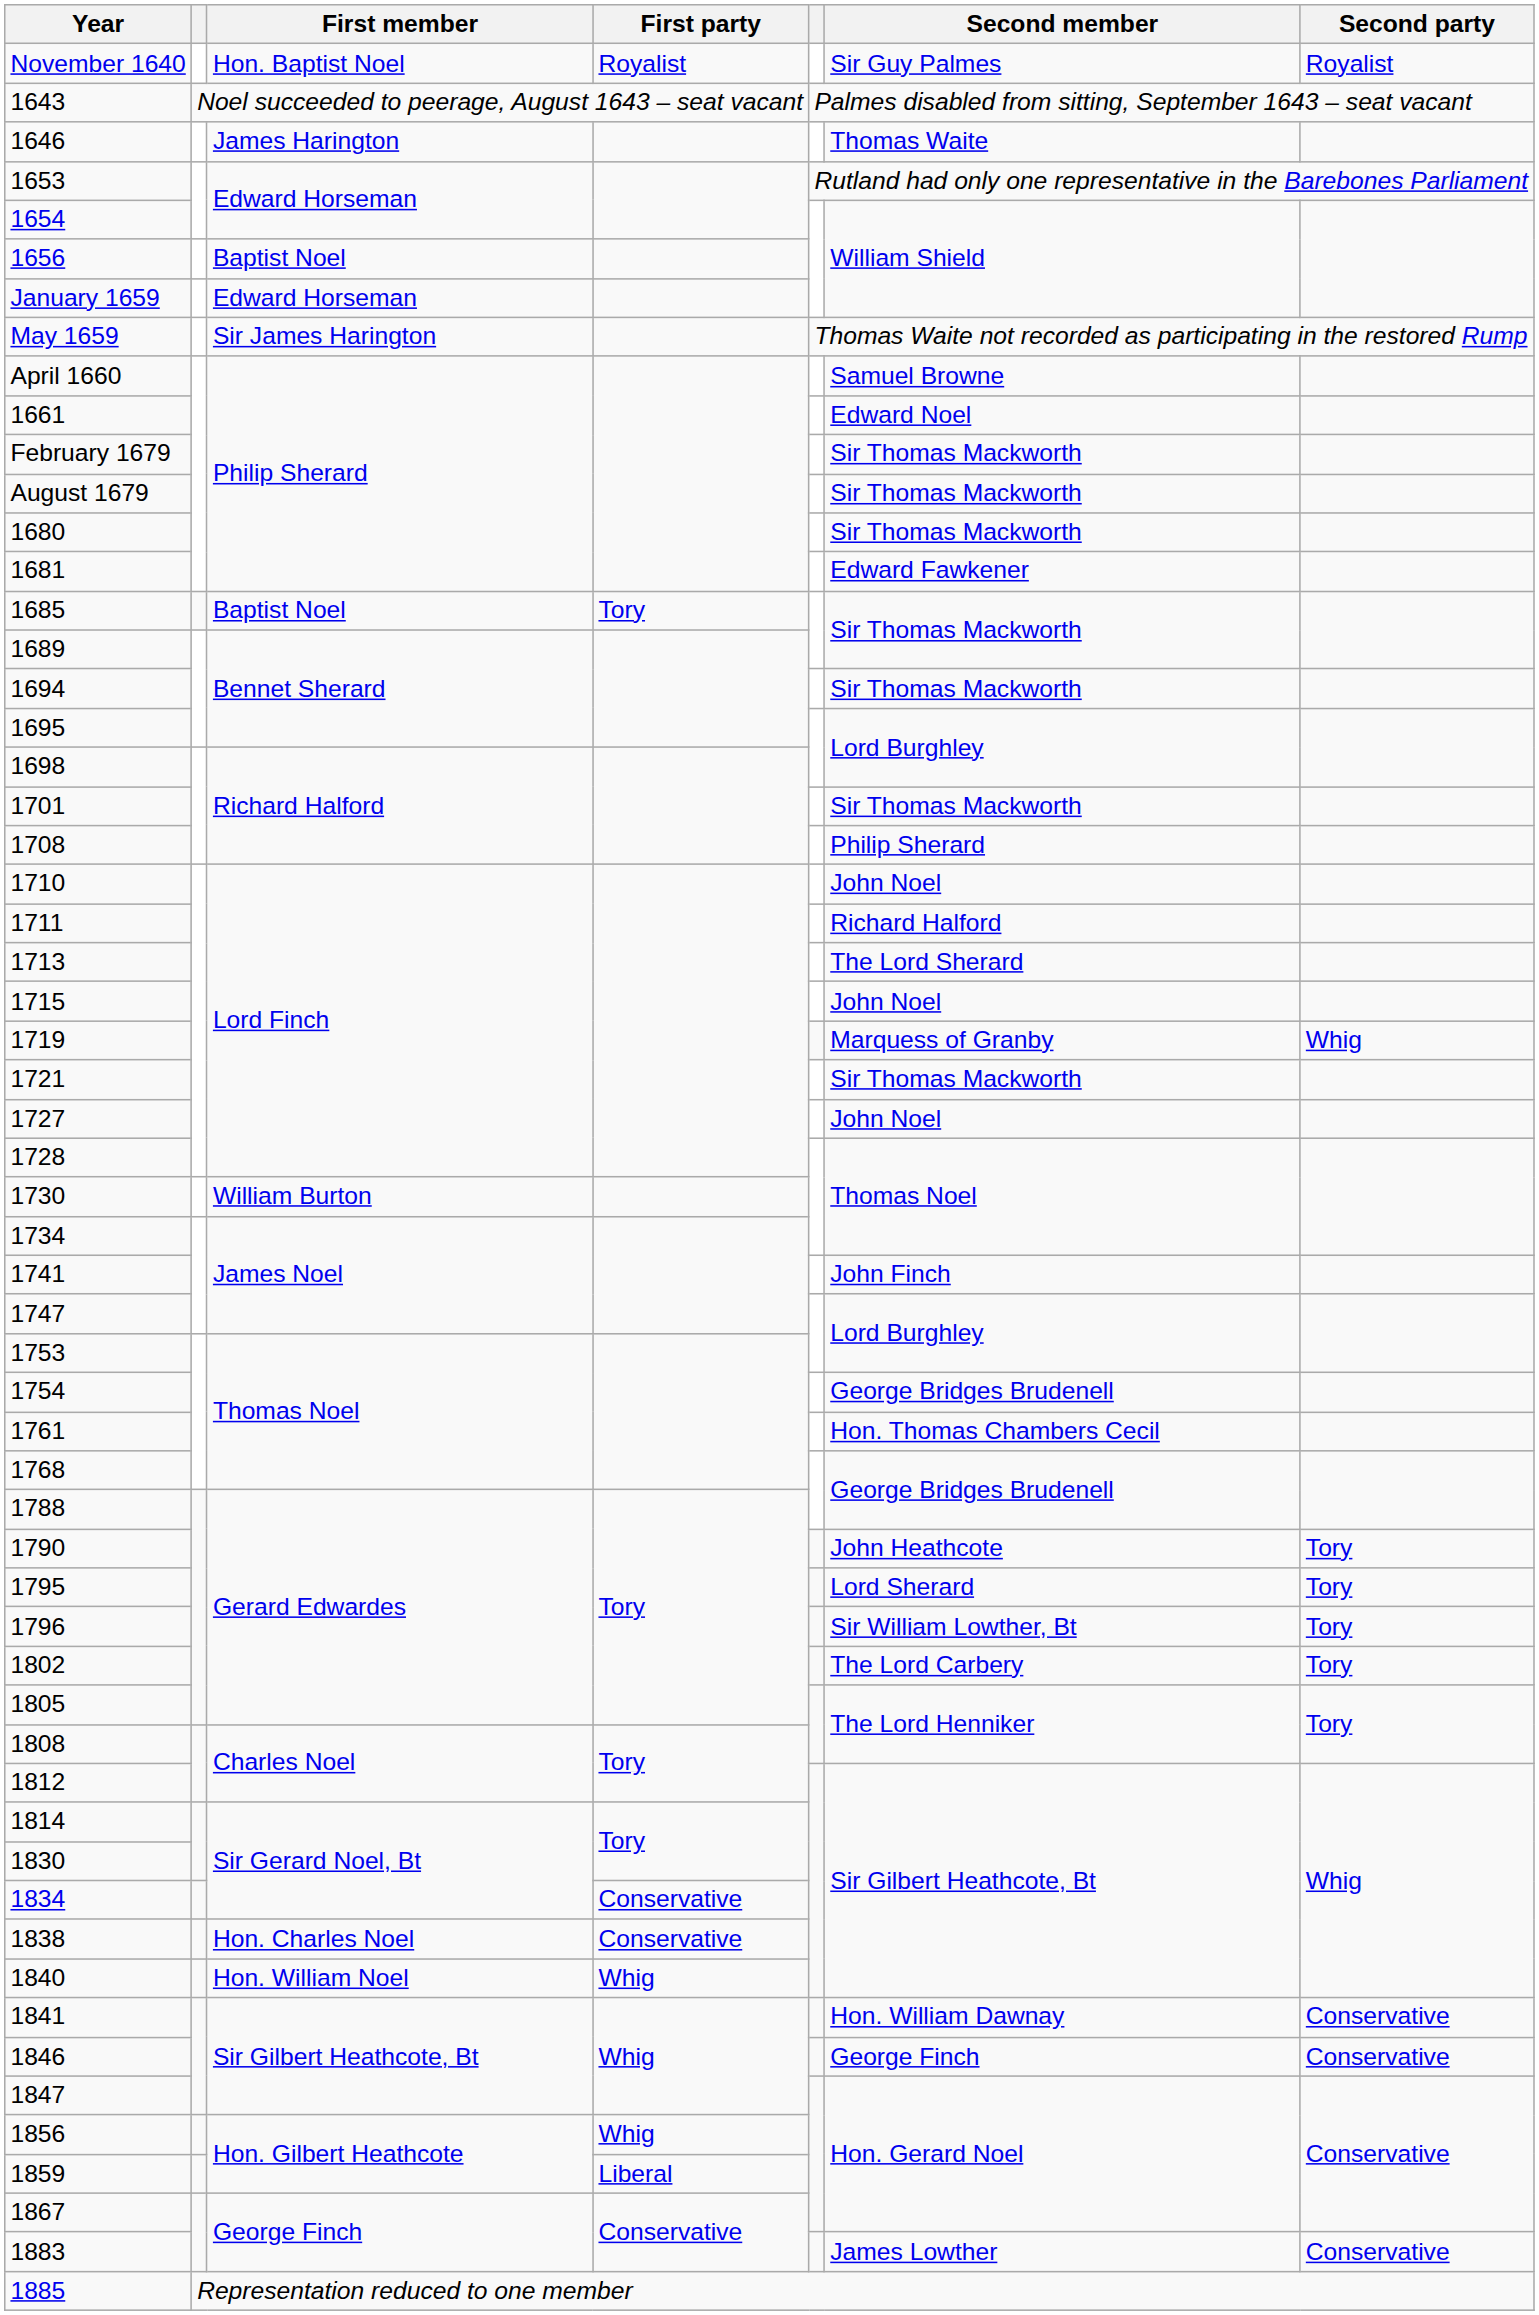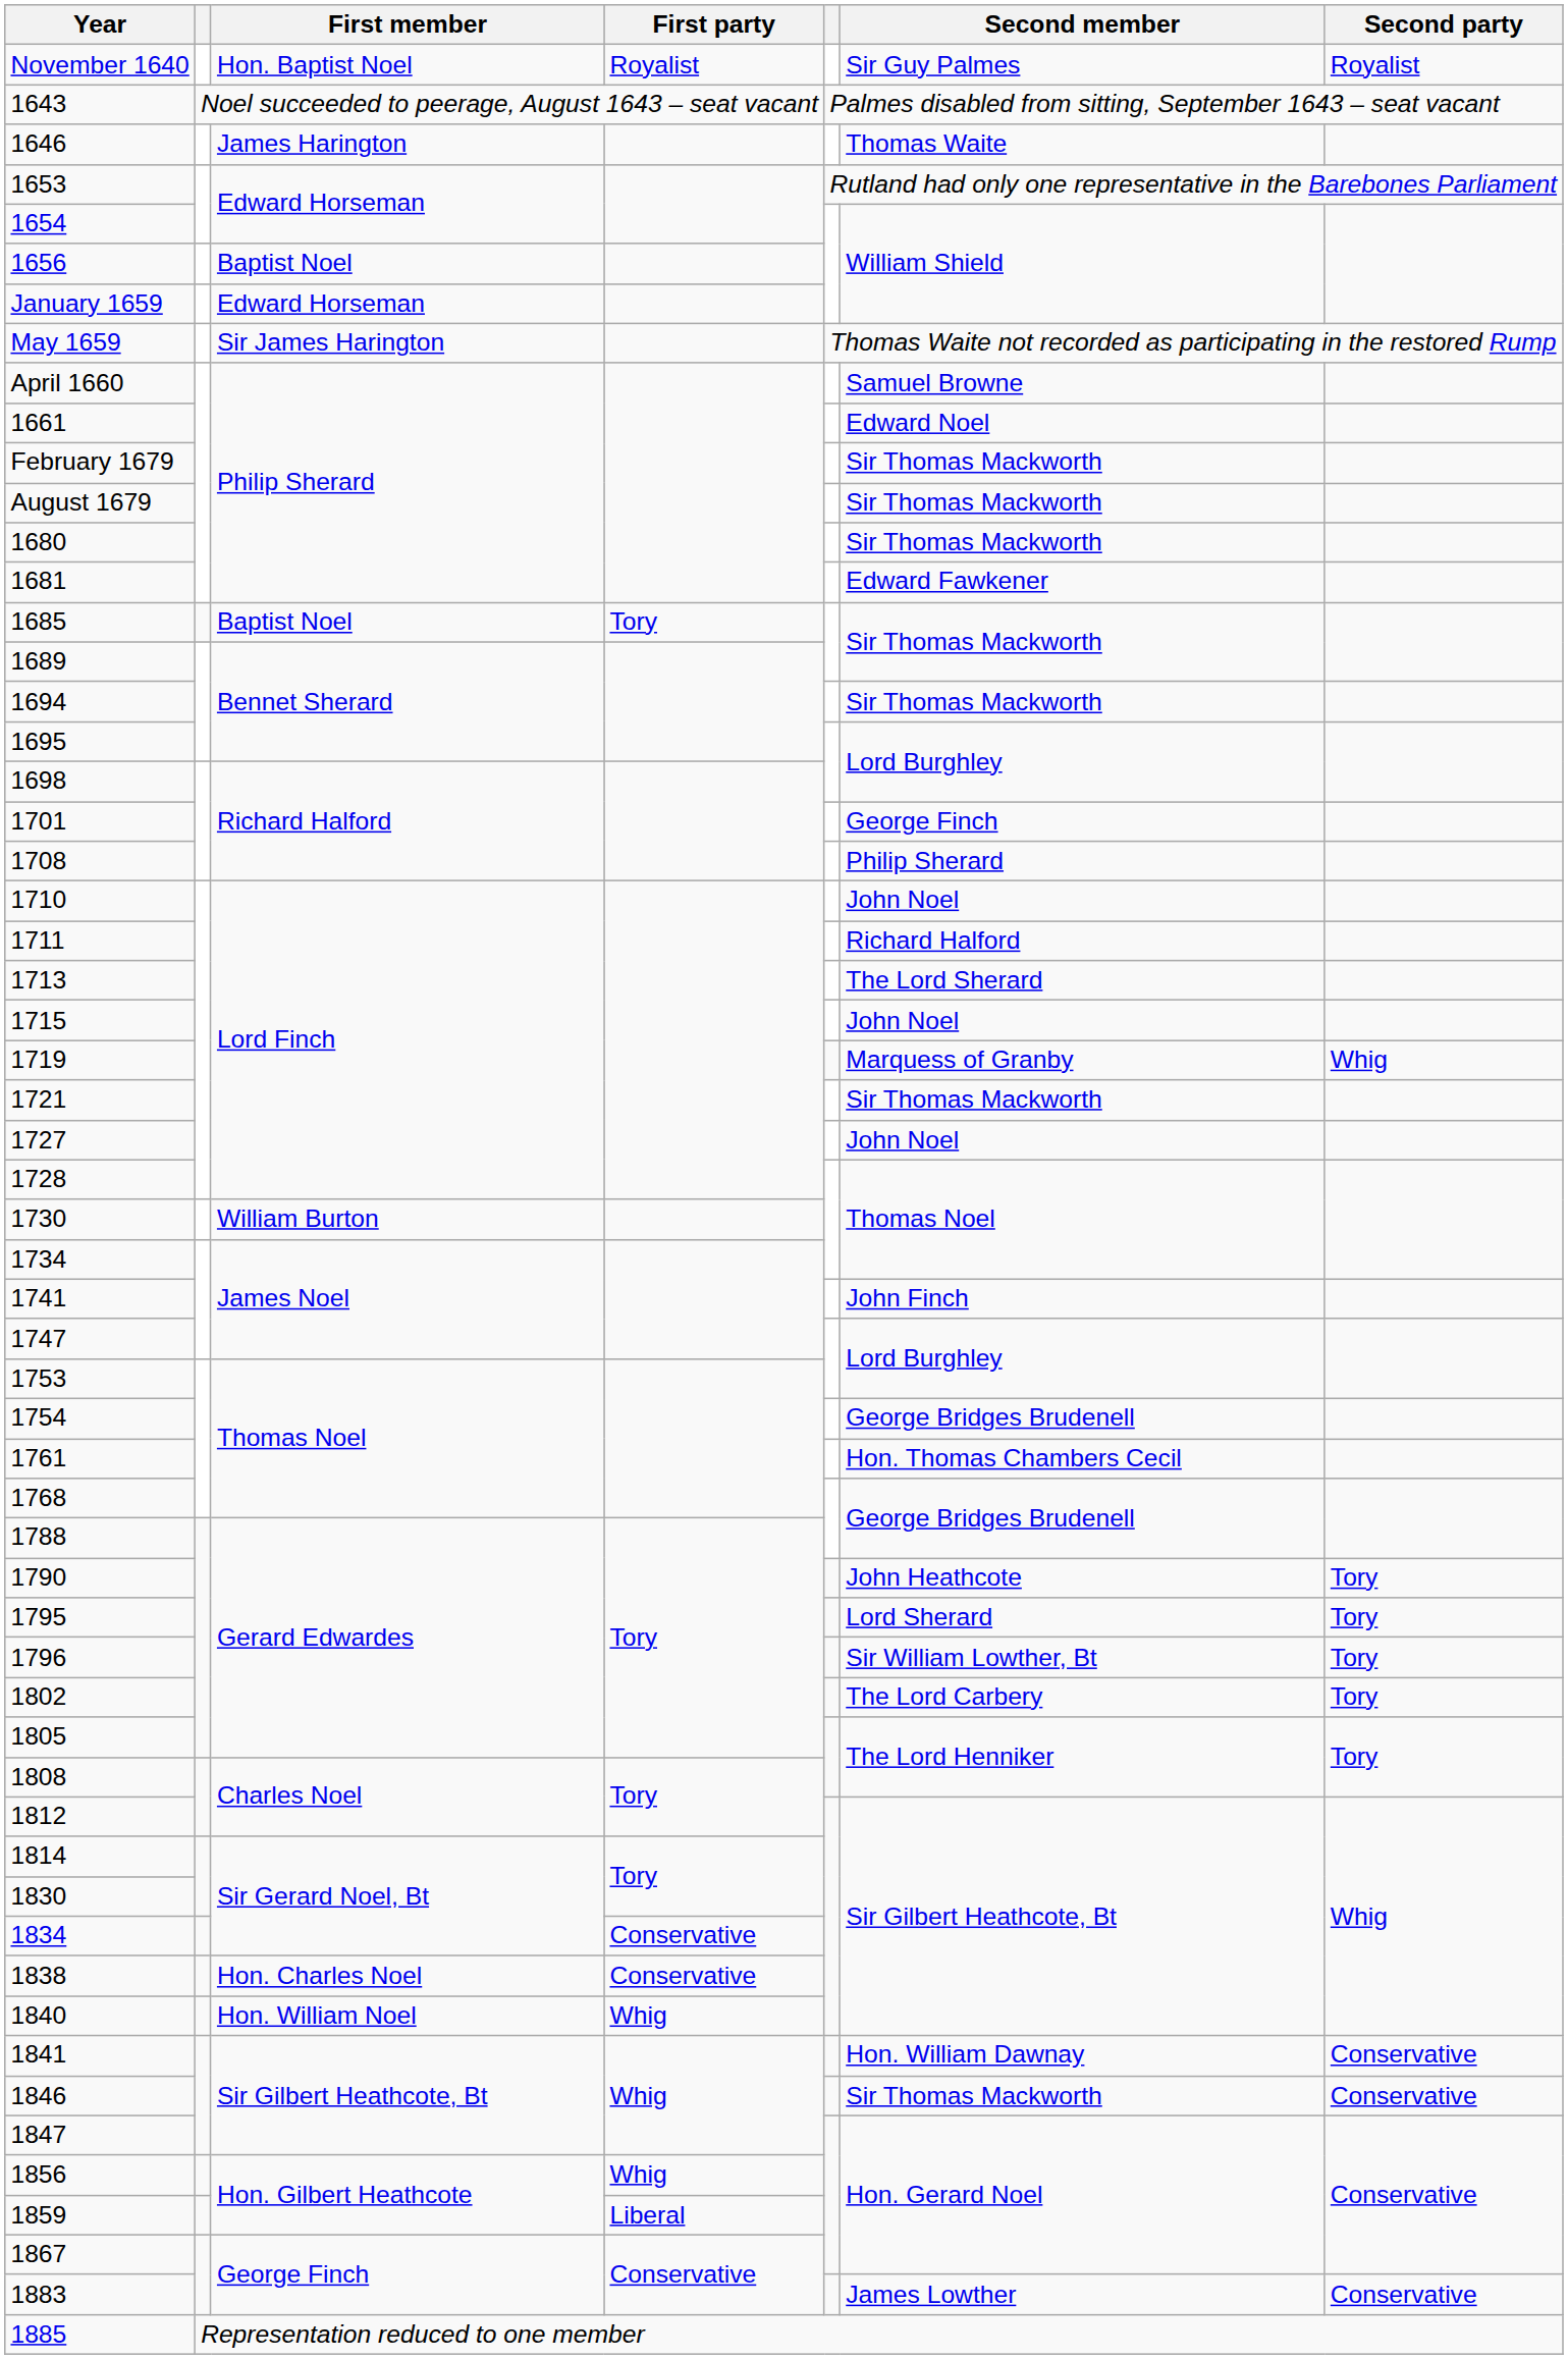 <table class="wikitable">
 <tr>
 <th>Year</th>
 <th></th>
 <th>First member</th>
 <th>First party</th>
 <th></th>
 <th>Second member</th>
 <th>Second party</th>
 </tr>
 <tr>
 <td><a href='#'>November 1640</a></td>
 <td style="color:inherit;background-color: white"></td>
 <td><a href='#'>Hon. Baptist Noel</a></td>
 <td><a href='#'>Royalist</a></td>
 <td style="color:inherit;background-color: white"></td>
 <td><a href='#'>Sir Guy Palmes</a></td>
 <td><a href='#'>Royalist</a></td>
 </tr>
 <tr>
 <td>1643</td>
 <td colspan="3"><em>Noel succeeded to peerage, August 1643 – seat vacant</em></td>
 <td colspan="3"><em>Palmes disabled from sitting, September 1643 – seat vacant</em></td>
 </tr>
 <tr>
 <td>1646</td>
 <td style="color:inherit;background-color: white"></td>
 <td><a href='#'>James Harington</a></td>
 <td></td>
 <td style="color:inherit;background-color: white"></td>
 <td><a href='#'>Thomas Waite</a></td>
 <td></td>
 </tr>
 <tr>
 <td>1653</td>
 <td rowspan="2" style="color:inherit;background-color: white"></td>
 <td rowspan="2"><a href='#'>Edward Horseman</a></td>
 <td rowspan="2"></td>
 <td colspan="3"><em>Rutland had only one representative in the <a href='#'>Barebones Parliament</a></em></td>
 </tr>
 <tr>
 <td><a href='#'>1654</a></td>
 <td rowspan="3" style="color:inherit;background-color: white"></td>
 <td rowspan="3"><a href='#'>William Shield</a></td>
 <td rowspan="3"></td>
 </tr>
 <tr>
 <td><a href='#'>1656</a></td>
 <td style="color:inherit;background-color: white"></td>
 <td><a href='#'>Baptist Noel</a></td>
 <td></td>
 </tr>
 <tr>
 <td><a href='#'>January 1659</a></td>
 <td style="color:inherit;background-color: white"></td>
 <td><a href='#'>Edward Horseman</a></td>
 <td></td>
 </tr>
 <tr>
 <td><a href='#'>May 1659</a></td>
 <td style="color:inherit;background-color: white"></td>
 <td><a href='#'>Sir James Harington</a></td>
 <td></td>
 <td colspan="3"><em>Thomas Waite not recorded as participating in the restored <a href='#'>Rump</a></em></td>
 </tr>
 <tr>
 <td>April 1660</td>
 <td rowspan="6" style="color:inherit;background-color: white"></td>
 <td rowspan="6"><a href='#'>Philip Sherard</a></td>
 <td rowspan="6"></td>
 <td style="color:inherit;background-color: white"></td>
 <td><a href='#'>Samuel Browne</a></td>
 <td></td>
 </tr>
 <tr>
 <td>1661</td>
 <td style="color:inherit;background-color: white"></td>
 <td><a href='#'>Edward Noel</a></td>
 <td></td>
 </tr>
 <tr>
 <td>February 1679</td>
 <td style="color:inherit;background-color: white"></td>
 <td><a href='#'>Sir Thomas Mackworth</a></td>
 <td></td>
 </tr>
 <tr>
 <td>August 1679</td>
 <td style="color:inherit;background-color: white"></td>
 <td><a href='#'>Sir Thomas Mackworth</a></td>
 <td></td>
 </tr>
 <tr>
 <td>1680</td>
 <td style="color:inherit;background-color: white"></td>
 <td><a href='#'>Sir Thomas Mackworth</a></td>
 <td></td>
 </tr>
 <tr>
 <td>1681</td>
 <td style="color:inherit;background-color: white"></td>
 <td><a href='#'>Edward Fawkener</a></td>
 <td></td>
 </tr>
 <tr>
 <td>1685</td>
 <td style="color:inherit;background-color: "></td>
 <td><a href='#'>Baptist Noel</a></td>
 <td><a href='#'>Tory</a></td>
 <td rowspan="2" style="color:inherit;background-color: white"></td>
 <td rowspan="2"><a href='#'>Sir Thomas Mackworth</a></td>
 <td rowspan="2"></td>
 </tr>
 <tr>
 <td>1689</td>
 <td rowspan="3" style="color:inherit;background-color: white"></td>
 <td rowspan="3"><a href='#'>Bennet Sherard</a></td>
 <td rowspan="3"></td>
 </tr>
 <tr>
 <td>1694</td>
 <td style="color:inherit;background-color: white"></td>
 <td><a href='#'>Sir Thomas Mackworth</a></td>
 <td></td>
 </tr>
 <tr>
 <td>1695</td>
 <td rowspan="2" style="color:inherit;background-color: white"></td>
 <td rowspan="2"><a href='#'>Lord Burghley</a></td>
 <td rowspan="2"></td>
 </tr>
 <tr>
 <td>1698</td>
 <td rowspan="3" style="color:inherit;background-color: white"></td>
 <td rowspan="3"><a href='#'>Richard Halford</a></td>
 <td rowspan="3"></td>
 </tr>
 <tr>
 <td>1701</td>
 <td style="color:inherit;background-color: white"></td>
-<td><a href='#'>Sir Thomas Mackworth</a></td>
+<td><a href='#'>George Finch</a></td>
 <td></td>
 </tr>
 <tr>
 <td>1708</td>
 <td style="color:inherit;background-color: white"></td>
 <td><a href='#'>Philip Sherard</a></td>
 <td></td>
 </tr>
 <tr>
 <td>1710</td>
 <td rowspan="8" style="color:inherit;background-color: white"></td>
 <td rowspan="8"><a href='#'>Lord Finch</a></td>
 <td rowspan="8"></td>
 <td style="color:inherit;background-color: white"></td>
 <td><a href='#'>John Noel</a></td>
 <td></td>
 </tr>
 <tr>
 <td>1711</td>
 <td style="color:inherit;background-color: white"></td>
 <td><a href='#'>Richard Halford</a></td>
 <td></td>
 </tr>
 <tr>
 <td>1713</td>
 <td style="color:inherit;background-color: white"></td>
 <td><a href='#'>The Lord Sherard</a></td>
 <td></td>
 </tr>
 <tr>
 <td>1715</td>
 <td style="color:inherit;background-color: white"></td>
 <td><a href='#'>John Noel</a></td>
 <td></td>
 </tr>
 <tr>
 <td>1719</td>
 <td style="color:inherit;background-color: "></td>
 <td><a href='#'>Marquess of Granby</a></td>
 <td><a href='#'>Whig</a></td>
 </tr>
 <tr>
 <td>1721</td>
 <td style="color:inherit;background-color: white"></td>
 <td><a href='#'>Sir Thomas Mackworth</a></td>
 <td></td>
 </tr>
 <tr>
 <td>1727</td>
 <td style="color:inherit;background-color: white"></td>
 <td><a href='#'>John Noel</a></td>
 <td></td>
 </tr>
 <tr>
 <td>1728</td>
 <td rowspan="3" style="color:inherit;background-color: white"></td>
 <td rowspan="3"><a href='#'>Thomas Noel</a></td>
 <td rowspan="3"></td>
 </tr>
 <tr>
 <td>1730</td>
 <td style="color:inherit;background-color: white"></td>
 <td><a href='#'>William Burton</a></td>
 <td></td>
 </tr>
 <tr>
 <td>1734</td>
 <td rowspan="3" style="color:inherit;background-color: white"></td>
 <td rowspan="3"><a href='#'>James Noel</a></td>
 <td rowspan="3"></td>
 </tr>
 <tr>
 <td>1741</td>
 <td style="color:inherit;background-color: white"></td>
 <td><a href='#'>John Finch</a></td>
 <td></td>
 </tr>
 <tr>
 <td>1747</td>
 <td rowspan="2"  style="color:inherit;background-color: white"></td>
 <td rowspan="2"><a href='#'>Lord Burghley</a></td>
 <td rowspan="2"></td>
 </tr>
 <tr>
 <td>1753</td>
 <td rowspan="4" style="color:inherit;background-color: white"></td>
 <td rowspan="4"><a href='#'>Thomas Noel</a></td>
 <td rowspan="4"></td>
 </tr>
 <tr>
 <td>1754</td>
 <td style="color:inherit;background-color: white"></td>
 <td><a href='#'>George Bridges Brudenell</a></td>
 <td></td>
 </tr>
 <tr>
 <td>1761</td>
 <td style="color:inherit;background-color: white"></td>
 <td><a href='#'>Hon. Thomas Chambers Cecil</a></td>
 <td></td>
 </tr>
 <tr>
 <td>1768</td>
 <td rowspan="2" style="color:inherit;background-color: white"></td>
 <td rowspan="2"><a href='#'>George Bridges Brudenell</a></td>
 <td rowspan="2"></td>
 </tr>
 <tr>
 <td>1788</td>
 <td rowspan="6" style="color:inherit;background-color: "></td>
 <td rowspan="6"><a href='#'>Gerard Edwardes</a></td>
 <td rowspan="6"><a href='#'>Tory</a></td>
 </tr>
 <tr>
 <td>1790</td>
 <td style="color:inherit;background-color: "></td>
 <td><a href='#'>John Heathcote</a></td>
 <td><a href='#'>Tory</a></td>
 </tr>
 <tr>
 <td>1795</td>
 <td style="color:inherit;background-color: "></td>
 <td><a href='#'>Lord Sherard</a></td>
 <td><a href='#'>Tory</a></td>
 </tr>
 <tr>
 <td>1796</td>
 <td style="color:inherit;background-color: "></td>
 <td><a href='#'>Sir William Lowther, Bt</a></td>
 <td><a href='#'>Tory</a></td>
 </tr>
 <tr>
 <td>1802</td>
 <td style="color:inherit;background-color: "></td>
 <td><a href='#'>The Lord Carbery</a></td>
 <td><a href='#'>Tory</a></td>
 </tr>
 <tr>
 <td>1805</td>
 <td rowspan="2" style="color:inherit;background-color: "></td>
 <td rowspan="2"><a href='#'>The Lord Henniker</a></td>
 <td rowspan="2"><a href='#'>Tory</a></td>
 </tr>
 <tr>
 <td>1808</td>
 <td rowspan="2" style="color:inherit;background-color: "></td>
 <td rowspan="2"><a href='#'>Charles Noel</a></td>
 <td rowspan="2"><a href='#'>Tory</a></td>
 </tr>
 <tr>
 <td>1812</td>
 <td rowspan="6" style="color:inherit;background-color: "></td>
 <td rowspan="6"><a href='#'>Sir Gilbert Heathcote, Bt</a></td>
 <td rowspan="6"><a href='#'>Whig</a></td>
 </tr>
 <tr>
 <td>1814</td>
 <td rowspan="2" style="color:inherit;background-color: "></td>
 <td rowspan="3"><a href='#'>Sir Gerard Noel, Bt</a></td>
 <td rowspan="2"><a href='#'>Tory</a></td>
 </tr>
 <tr>
 <td>1830</td>
 </tr>
 <tr>
 <td><a href='#'>1834</a></td>
 <td style="color:inherit;background-color: "></td>
 <td><a href='#'>Conservative</a></td>
 </tr>
 <tr>
 <td>1838</td>
 <td style="color:inherit;background-color: "></td>
 <td><a href='#'>Hon. Charles Noel</a></td>
 <td><a href='#'>Conservative</a></td>
 </tr>
 <tr>
 <td>1840</td>
 <td style="color:inherit;background-color: "></td>
 <td><a href='#'>Hon. William Noel</a></td>
 <td><a href='#'>Whig</a></td>
 </tr>
 <tr>
 <td>1841</td>
 <td rowspan="3" style="color:inherit;background-color: "></td>
 <td rowspan="3"><a href='#'>Sir Gilbert Heathcote, Bt</a></td>
 <td rowspan="3"><a href='#'>Whig</a></td>
 <td style="color:inherit;background-color: "></td>
 <td><a href='#'>Hon. William Dawnay</a></td>
 <td><a href='#'>Conservative</a></td>
 </tr>
 <tr>
 <td>1846</td>
 <td style="color:inherit;background-color: "></td>
-<td><a href='#'>George Finch</a></td>
+<td><a href='#'>Sir Thomas Mackworth</a></td>
 <td><a href='#'>Conservative</a></td>
 </tr>
 <tr>
 <td>1847</td>
 <td rowspan="4" style="color:inherit;background-color: "></td>
 <td rowspan="4"><a href='#'>Hon. Gerard Noel</a></td>
 <td rowspan="4"><a href='#'>Conservative</a></td>
 </tr>
 <tr>
 <td>1856</td>
 <td style="color:inherit;background-color: "></td>
 <td rowspan="2"><a href='#'>Hon. Gilbert Heathcote</a></td>
 <td><a href='#'>Whig</a></td>
 </tr>
 <tr>
 <td>1859</td>
 <td style="color:inherit;background-color: "></td>
 <td><a href='#'>Liberal</a></td>
 </tr>
 <tr>
 <td>1867</td>
 <td rowspan="2" style="color:inherit;background-color: "></td>
 <td rowspan="2"><a href='#'>George Finch</a></td>
 <td rowspan="2"><a href='#'>Conservative</a></td>
 </tr>
 <tr>
 <td>1883</td>
 <td style="color:inherit;background-color: "></td>
 <td><a href='#'>James Lowther</a></td>
 <td><a href='#'>Conservative</a></td>
 </tr>
 <tr>
 <td><a href='#'>1885</a></td>
 <td colspan="6"><em>Representation reduced to one member</em></td>
 </tr>
 </table>
